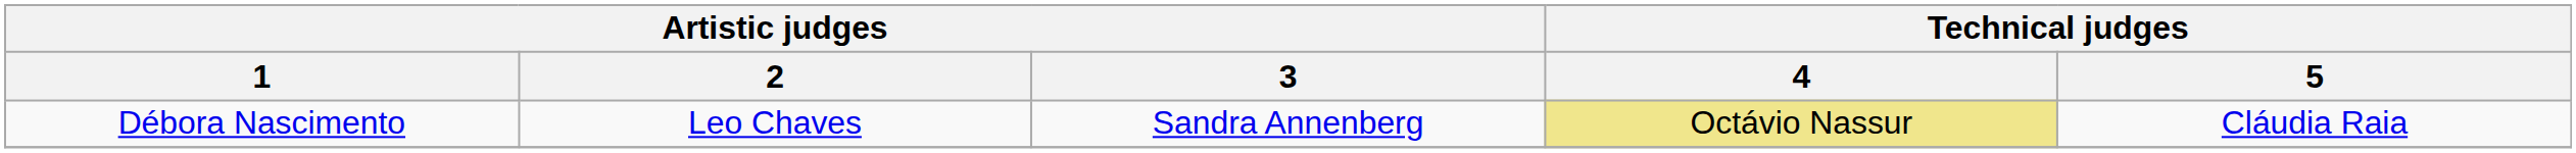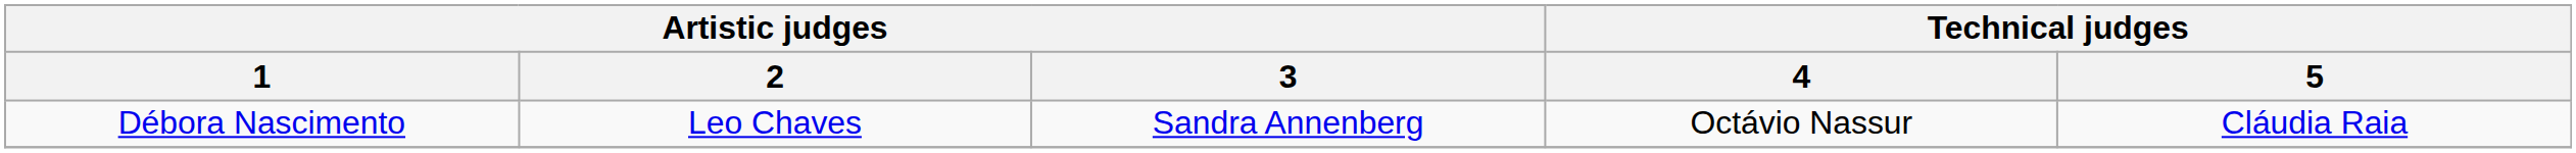 <table class="wikitable" style="font-size:100%; line-height:16px; text-align:center" width="100%">
 <tr>
 <th colspan=3>Artistic judges</th>
 <th colspan=2>Technical judges</th>
 </tr>
 <tr>
 <th style="width:20.0%;">1</th>
 <th style="width:20.0%;">2</th>
 <th style="width:20.0%;">3</th>
 <th style="width:20.0%;">4</th>
 <th style="width:20.0%;">5</th>
 </tr>
 <tr>
 <td><a href='#'>Débora Nascimento</a></td>
 <td><a href='#'>Leo Chaves</a></td>
 <td><a href='#'>Sandra Annenberg</a></td>
-<td style="background: khaki;">Octávio Nassur</td>
+<td>Octávio Nassur</td>
 <td><a href='#'>Cláudia Raia</a></td>
 </tr>
 <tr>
 </tr>
 </table>
